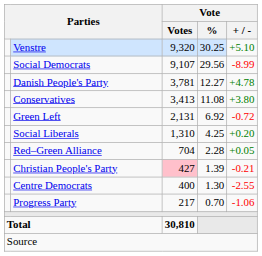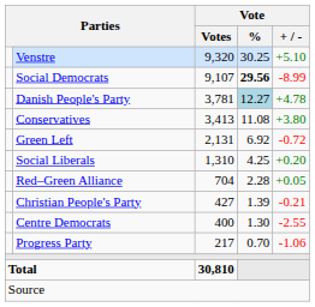 <table class="wikitable" style="text-align:right;">
 <tr>
 <th style="text-align:centre;" rowspan="2" colspan="2" width="225">Parties</th>
 <th colspan="3">Vote</th>
 </tr>
 <tr>
 <th width="15">Votes</th>
 <th width="15">%</th>
 <th width="15">+ / -</th>
 </tr>
 <tr>
 <td width="2" style="color:inherit;background:"></td>
 <td bgcolor=#cfe5fe  align="left"><a href='#'>Venstre</a></td>
 <td bgcolor=#cfe5fe>9,320</td>
 <td bgcolor=#cfe5fe>30.25</td>
 <td style=color:green;>+5.10</td>
 </tr>
 <tr>
 <td width="2" style="color:inherit;background:"></td>
 <td align="left"><a href='#'>Social Democrats</a></td>
 <td>9,107</td>
-<td>29.56</td>
+<td><strong>29.56</strong></td>
 <td style=color:red;>-8.99</td>
 </tr>
 <tr>
 <td width="2" style="color:inherit;background:"></td>
 <td align="left"><a href='#'>Danish People's Party</a></td>
 <td>3,781</td>
-<td>12.27</td>
+<td style="background: lightblue;">12.27</td>
 <td style=color:green;>+4.78</td>
 </tr>
 <tr>
 <td width="2" style="color:inherit;background:"></td>
 <td align="left"><a href='#'>Conservatives</a></td>
 <td>3,413</td>
 <td>11.08</td>
 <td style=color:green;>+3.80</td>
 </tr>
 <tr>
 <td width="2" style="color:inherit;background:"></td>
 <td align="left"><a href='#'>Green Left</a></td>
 <td>2,131</td>
 <td>6.92</td>
 <td style=color:red;>-0.72</td>
 </tr>
 <tr>
 <td width="2" style="color:inherit;background:"></td>
 <td align="left"><a href='#'>Social Liberals</a></td>
 <td>1,310</td>
 <td>4.25</td>
 <td style=color:green;>+0.20</td>
 </tr>
 <tr>
 <td width="2" style="color:inherit;background:"></td>
 <td align="left"><a href='#'>Red–Green Alliance</a></td>
 <td>704</td>
 <td>2.28</td>
 <td style=color:green;>+0.05</td>
 </tr>
 <tr>
 <td width="2" style="color:inherit;background:"></td>
 <td align="left"><a href='#'>Christian People's Party</a></td>
-<td style="background: pink;">427</td>
+<td>427</td>
 <td>1.39</td>
 <td style=color:red;>-0.21</td>
 </tr>
 <tr>
 <td width="2" style="color:inherit;background:"></td>
 <td align="left"><a href='#'>Centre Democrats</a></td>
 <td>400</td>
 <td>1.30</td>
 <td style=color:red;>-2.55</td>
 </tr>
 <tr>
 <td width="2" style="color:inherit;background:"></td>
 <td align="left"><a href='#'>Progress Party</a></td>
 <td>217</td>
 <td>0.70</td>
 <td style=color:red;>-1.06</td>
 </tr>
 <tr>
 <td colspan="7" bgcolor="#E9E9E9"></td>
 </tr>
 <tr>
 <td align="left" colspan="2"><strong>Total</strong></td>
 <td><strong>30,810</strong></td>
 <td bgcolor="#E9E9E9" colspan="2"></td>
 </tr>
 <tr>
 <td align="left" colspan="6">Source</td>
 </tr>
 </table>
